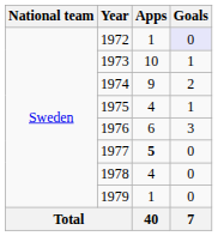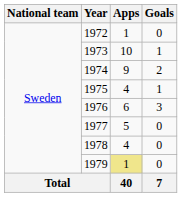 <table class="wikitable" style="text-align:center">
 <tr>
 <th>National team</th>
 <th>Year</th>
 <th>Apps</th>
 <th>Goals</th>
 </tr>
 <tr>
 <td rowspan="8"><a href='#'>Sweden</a></td>
 <td>1972</td>
 <td>1</td>
-<td style="background: lavender;">0</td>
+<td>0</td>
 </tr>
 <tr>
 <td>1973</td>
 <td>10</td>
 <td>1</td>
 </tr>
 <tr>
 <td>1974</td>
 <td>9</td>
 <td>2</td>
 </tr>
 <tr>
 <td>1975</td>
 <td>4</td>
 <td>1</td>
 </tr>
 <tr>
 <td>1976</td>
 <td>6</td>
 <td>3</td>
 </tr>
 <tr>
 <td>1977</td>
-<td><strong>5</strong></td>
+<td>5</td>
 <td>0</td>
 </tr>
 <tr>
 <td>1978</td>
 <td>4</td>
 <td>0</td>
 </tr>
 <tr>
 <td>1979</td>
-<td>1</td>
+<td style="background: khaki;">1</td>
 <td>0</td>
 </tr>
 <tr>
 <th colspan="2">Total</th>
 <th>40</th>
 <th>7</th>
 </tr>
 </table>
